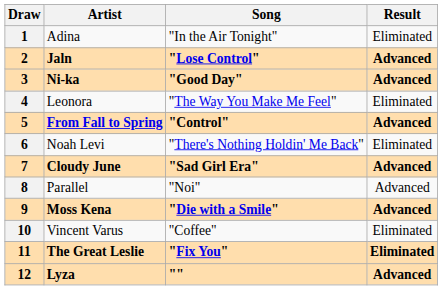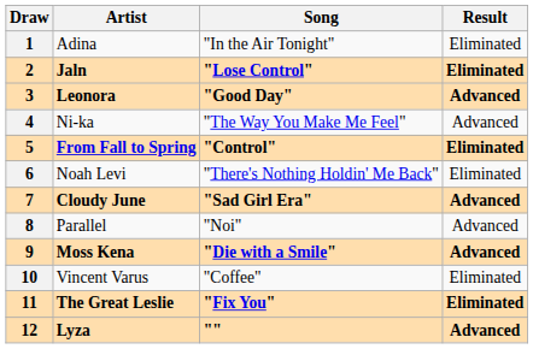 <table class="sortable wikitable plainrowheaders" style="margin: 1em auto 1em auto; text-align:center;">
 <tr>
 <th>Draw</th>
 <th>Artist</th>
 <th>Song</th>
 <th>Result</th>
 </tr>
 <tr>
 <th scope="row" style="text-align:center;">1</th>
 <td align="left">Adina</td>
 <td align="left">"In the Air Tonight"</td>
 <td>Eliminated</td>
 </tr>
 <tr style="background:navajowhite; font-weight:bold;">
 <th scope="row" style="text-align:center; font-weight:bold; background-color:navajowhite;">2</th>
 <td align="left">Jaln</td>
 <td align="left">"<a href='#'>Lose Control</a>"</td>
-<td>Advanced</td>
+<td>Eliminated</td>
 </tr>
 <tr style="background:navajowhite; font-weight:bold;">
 <th scope="row" style="text-align:center; font-weight:bold; background-color:navajowhite;">3</th>
-<td align="left">Ni-ka</td>
+<td align="left">Leonora</td>
 <td align="left">"Good Day"</td>
 <td>Advanced</td>
 </tr>
 <tr>
 <th scope="row" style="text-align:center;">4</th>
-<td align="left">Leonora</td>
+<td align="left">Ni-ka</td>
 <td align="left">"<a href='#'>The Way You Make Me Feel</a>"</td>
-<td>Eliminated</td>
+<td>Advanced</td>
 </tr>
 <tr style="background:navajowhite; font-weight:bold;">
 <th scope="row" style="text-align:center; font-weight:bold; background-color:navajowhite;">5</th>
 <td align="left"><a href='#'>From Fall to Spring</a></td>
 <td align="left">"Control"</td>
-<td>Advanced</td>
+<td>Eliminated</td>
 </tr>
 <tr>
 <th scope="row" style="text-align:center;">6</th>
 <td align="left">Noah Levi</td>
 <td align="left">"<a href='#'>There's Nothing Holdin' Me Back</a>"</td>
 <td>Eliminated</td>
 </tr>
 <tr style="background:navajowhite; font-weight:bold;">
 <th scope="row" style="text-align:center; font-weight:bold; background-color:navajowhite;">7</th>
 <td align="left">Cloudy June</td>
 <td align="left">"Sad Girl Era"</td>
 <td>Advanced</td>
 </tr>
 <tr>
 <th scope="row" style="text-align:center;">8</th>
 <td align="left">Parallel</td>
 <td align="left">"Noi"</td>
 <td>Advanced</td>
 </tr>
 <tr style="background:navajowhite; font-weight:bold;">
 <th scope="row" style="text-align:center; font-weight:bold; background-color:navajowhite;">9</th>
 <td align="left">Moss Kena</td>
 <td align="left">"<a href='#'>Die with a Smile</a>"</td>
 <td>Advanced</td>
 </tr>
 <tr>
 <th scope="row" style="text-align:center;">10</th>
 <td align="left">Vincent Varus</td>
 <td align="left">"Coffee"</td>
 <td>Eliminated</td>
 </tr>
 <tr style="background:navajowhite; font-weight:bold;">
 <th scope="row" style="text-align:center; font-weight:bold; background-color:navajowhite;">11</th>
 <td align="left">The Great Leslie</td>
 <td align="left">"<a href='#'>Fix You</a>"</td>
 <td>Eliminated</td>
 </tr>
 <tr style="background:navajowhite; font-weight:bold;">
 <th scope="row" style="text-align:center; font-weight:bold; background-color:navajowhite;">12</th>
 <td align="left">Lyza</td>
 <td align="left">""</td>
 <td>Advanced</td>
 </tr>
 </table>
